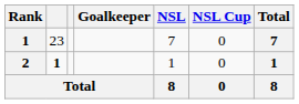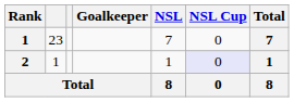 <table class="wikitable sortable" style="text-align:center">
 <tr>
 <th>Rank</th>
 <th></th>
 <th></th>
 <th>Goalkeeper</th>
 <th><a href='#'>NSL</a></th>
 <th><a href='#'>NSL Cup</a></th>
 <th>Total</th>
 </tr>
 <tr>
 <th>1</th>
 <td>23</td>
 <td></td>
 <td align="left"></td>
 <td>7</td>
 <td>0</td>
 <th>7</th>
 </tr>
 <tr>
 <th>2</th>
-<td><strong>1</strong></td>
+<td>1</td>
 <td></td>
 <td align="left"></td>
 <td>1</td>
-<td>0</td>
+<td style="background: lavender;">0</td>
 <th>1</th>
 </tr>
 <tr>
 <th colspan="4">Total</th>
 <th>8</th>
 <th>0</th>
 <th>8</th>
 </tr>
 </table>
